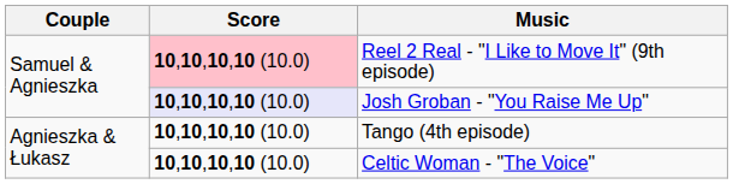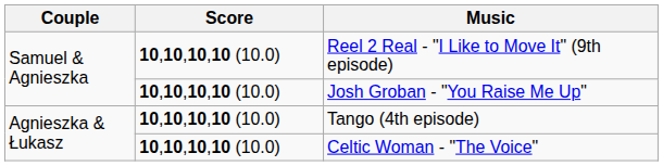 <table class="wikitable">
 <tr>
 <th style="width:130px;">Couple</th>
 <th style="width:200px;">Score</th>
 <th style="width:400px;">Music</th>
 </tr>
 <tr>
 <td rowspan="2">Samuel & Agnieszka</td>
-<td style="background: pink;"><strong>10</strong>,<strong>10</strong>,<strong>10</strong>,<strong>10</strong> (10.0)</td>
+<td><strong>10</strong>,<strong>10</strong>,<strong>10</strong>,<strong>10</strong> (10.0)</td>
 <td><a href='#'>Reel 2 Real</a> - "<a href='#'>I Like to Move It</a>" (9th episode)</td>
 </tr>
 <tr>
-<td style="background: lavender;"><strong>10</strong>,<strong>10</strong>,<strong>10</strong>,<strong>10</strong> (10.0)</td>
+<td><strong>10</strong>,<strong>10</strong>,<strong>10</strong>,<strong>10</strong> (10.0)</td>
 <td><a href='#'>Josh Groban</a> - "<a href='#'>You Raise Me Up</a>"</td>
 </tr>
 <tr>
 <td rowspan="2">Agnieszka & Łukasz</td>
 <td><strong>10</strong>,<strong>10</strong>,<strong>10</strong>,<strong>10</strong> (10.0)</td>
 <td>Tango (4th episode)</td>
 </tr>
 <tr>
 <td><strong>10</strong>,<strong>10</strong>,<strong>10</strong>,<strong>10</strong> (10.0)</td>
 <td><a href='#'>Celtic Woman</a> - "<a href='#'>The Voice</a>"</td>
 </tr>
 </table>
